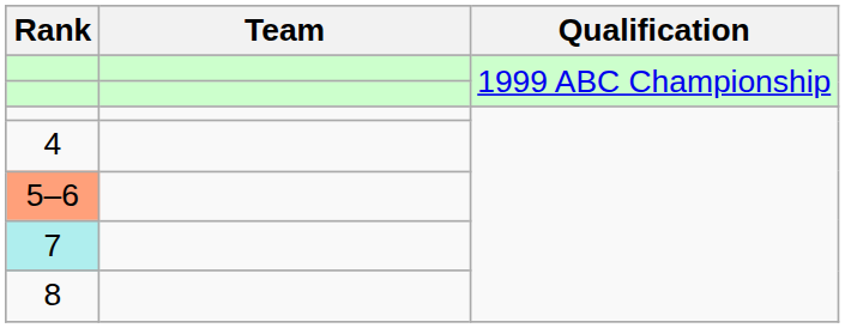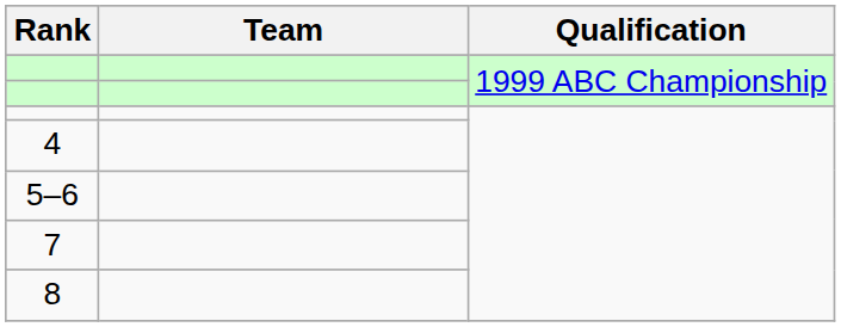 <table class=wikitable style="text-align:center;">
 <tr>
 <th width=40>Rank</th>
 <th width=180>Team</th>
 <th>Qualification</th>
 </tr>
 <tr bgcolor="#ccffcc">
 <td></td>
 <td align=left></td>
 <td rowspan=2><a href='#'>1999 ABC Championship</a></td>
 </tr>
 <tr bgcolor="#ccffcc">
 <td></td>
 <td align=left></td>
 </tr>
 <tr>
 <td></td>
 <td align=left></td>
 <td rowspan=6></td>
 </tr>
 <tr>
 <td>4</td>
 <td align=left></td>
 </tr>
 <tr>
-<td style="background: lightsalmon;">5–6</td>
+<td>5–6</td>
 <td align=left><br></td>
 </tr>
 <tr>
-<td style="background: paleturquoise;">7</td>
+<td>7</td>
 <td align=left></td>
 </tr>
 <tr>
 <td>8</td>
 <td align=left></td>
 </tr>
 </table>
